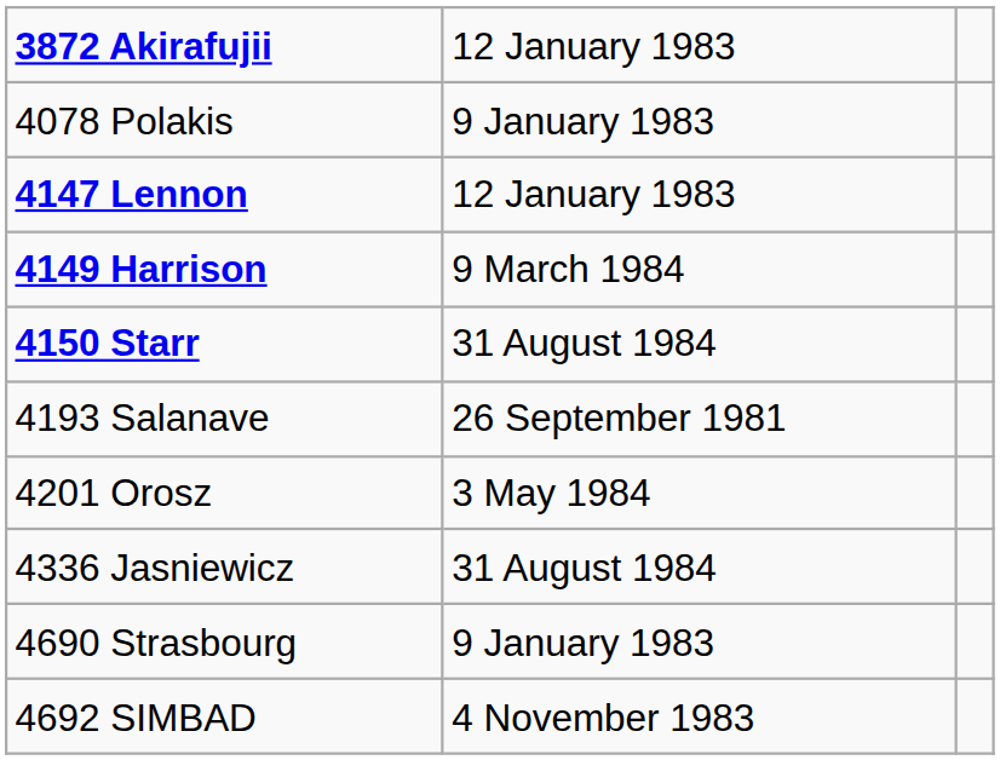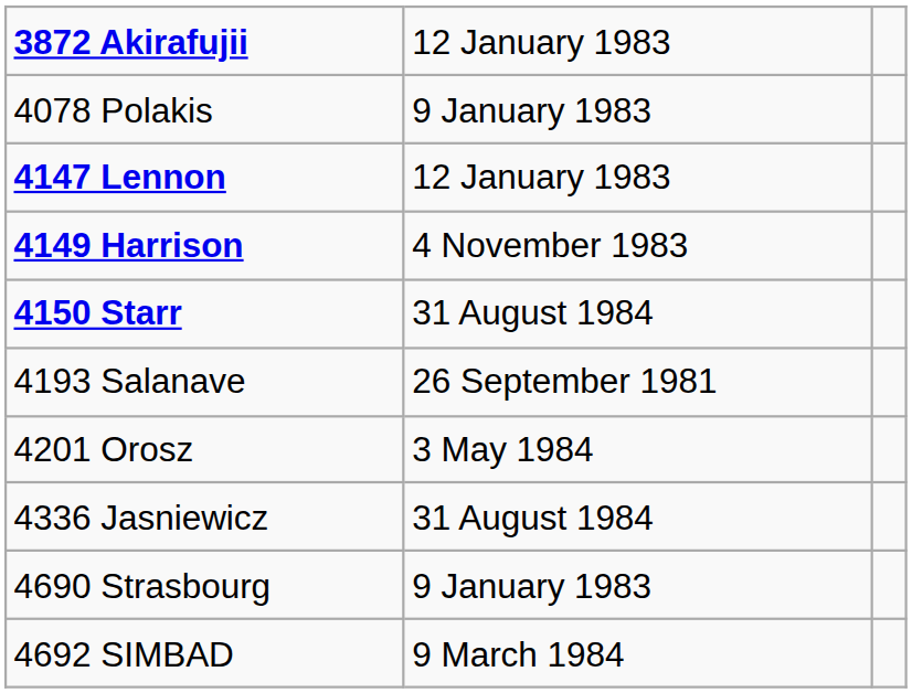 <table class="wikitable" style="font-size: 89%; float: left; width: 26em; margin-right: 1em; height: 280px;">
 <tr>
 <td><strong><a href='#'>3872 Akirafujii</a></strong></td>
 <td>12 January 1983</td>
 <td></td>
 </tr>
 <tr>
 <td>4078 Polakis</td>
 <td>9 January 1983</td>
 <td></td>
 </tr>
 <tr>
 <td><strong><a href='#'>4147 Lennon</a></strong></td>
 <td>12 January 1983</td>
 <td></td>
 </tr>
 <tr>
 <td><strong><a href='#'>4149 Harrison</a></strong></td>
-<td>9 March 1984</td>
+<td>4 November 1983</td>
 <td></td>
 </tr>
 <tr>
 <td><strong><a href='#'>4150 Starr</a></strong></td>
 <td>31 August 1984</td>
 <td></td>
 </tr>
 <tr>
 <td>4193 Salanave</td>
 <td>26 September 1981</td>
 <td> </td>
 </tr>
 <tr>
 <td>4201 Orosz</td>
 <td>3 May 1984</td>
 <td></td>
 </tr>
 <tr>
 <td>4336 Jasniewicz</td>
 <td>31 August 1984</td>
 <td></td>
 </tr>
 <tr>
 <td>4690 Strasbourg</td>
 <td>9 January 1983</td>
 <td></td>
 </tr>
 <tr>
 <td>4692 SIMBAD</td>
-<td>4 November 1983</td>
+<td>9 March 1984</td>
 <td></td>
 </tr>
 </table>
